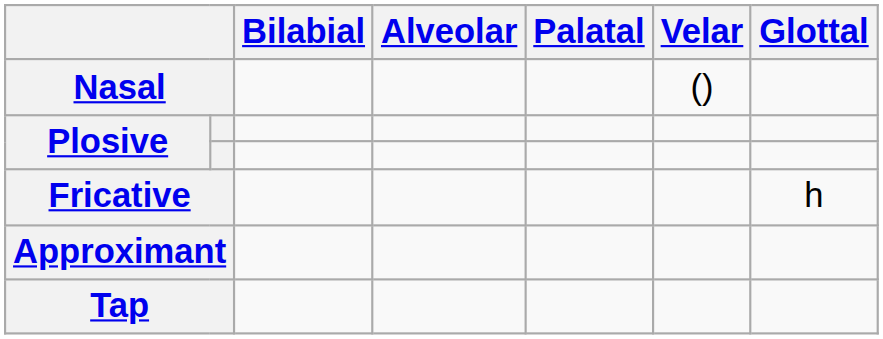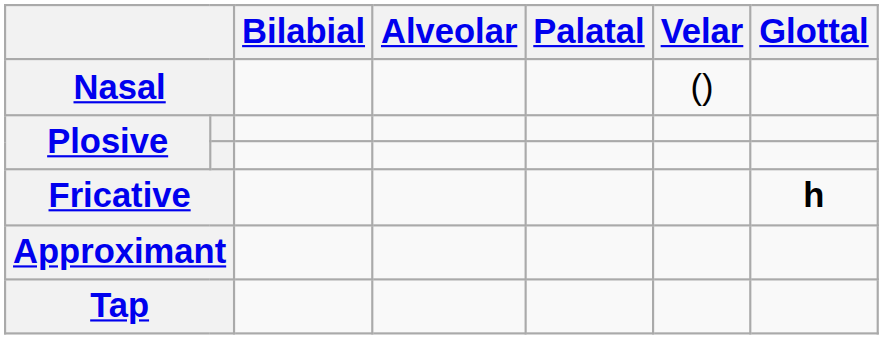 <table class="wikitable" style="text-align:center;">
 <tr>
 <th colspan="2"></th>
 <th><a href='#'>Bilabial</a></th>
 <th><a href='#'>Alveolar</a></th>
 <th><a href='#'>Palatal</a></th>
 <th><a href='#'>Velar</a></th>
 <th><a href='#'>Glottal</a></th>
 </tr>
 <tr>
 <th colspan="2"><a href='#'>Nasal</a></th>
 <td></td>
 <td></td>
 <td> </td>
 <td>()</td>
 <td></td>
 </tr>
 <tr>
 <th rowspan="2"><a href='#'>Plosive</a></th>
 <th></th>
 <td></td>
 <td></td>
 <td> </td>
 <td> </td>
 <td> </td>
 </tr>
 <tr>
 <th></th>
 <td> </td>
 <td> </td>
 <td></td>
 <td></td>
 <td></td>
 </tr>
 <tr>
 <th colspan="2"><a href='#'>Fricative</a></th>
 <td></td>
 <td></td>
 <td></td>
 <td></td>
-<td>h </td>
+<td><strong>h </strong></td>
 </tr>
 <tr>
 <th colspan="2"><a href='#'>Approximant</a></th>
 <td> </td>
 <td></td>
 <td> </td>
 <td></td>
 <td></td>
 </tr>
 <tr>
 <th colspan="2"><a href='#'>Tap</a></th>
 <td></td>
 <td> </td>
 <td></td>
 <td></td>
 <td></td>
 </tr>
 </table>
